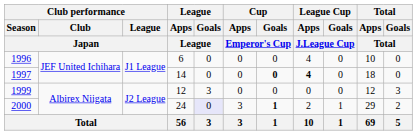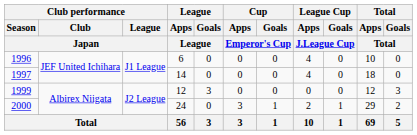 <table class="wikitable" style="text-align:center;">
 <tr>
 <th colspan=3>Club performance</th>
 <th colspan=2>League</th>
 <th colspan=2>Cup</th>
 <th colspan=2>League Cup</th>
 <th colspan=2>Total</th>
 </tr>
 <tr>
 <th>Season</th>
 <th>Club</th>
 <th>League</th>
 <th>Apps</th>
 <th>Goals</th>
 <th>Apps</th>
 <th>Goals</th>
 <th>Apps</th>
 <th>Goals</th>
 <th>Apps</th>
 <th>Goals</th>
 </tr>
 <tr>
 <th colspan=3>Japan</th>
 <th colspan=2>League</th>
 <th colspan=2><a href='#'>Emperor's Cup</a></th>
 <th colspan=2><a href='#'>J.League Cup</a></th>
 <th colspan=2>Total</th>
 </tr>
 <tr>
 <td><a href='#'>1996</a></td>
 <td rowspan="2"><a href='#'>JEF United Ichihara</a></td>
 <td rowspan="2"><a href='#'>J1 League</a></td>
 <td>6</td>
 <td>0</td>
 <td>0</td>
 <td>0</td>
 <td>4</td>
 <td>0</td>
 <td>10</td>
 <td>0</td>
 </tr>
 <tr>
 <td><a href='#'>1997</a></td>
 <td>14</td>
 <td>0</td>
 <td>0</td>
-<td><strong>0</strong></td>
-<td><strong>4</strong></td>
+<td>0</td>
+<td>4</td>
 <td>0</td>
 <td>18</td>
 <td>0</td>
 </tr>
 <tr>
 <td><a href='#'>1999</a></td>
 <td rowspan="2"><a href='#'>Albirex Niigata</a></td>
 <td rowspan="2"><a href='#'>J2 League</a></td>
 <td>12</td>
 <td>3</td>
 <td>0</td>
 <td>0</td>
 <td>0</td>
 <td>0</td>
 <td>12</td>
 <td>3</td>
 </tr>
 <tr>
 <td><a href='#'>2000</a></td>
 <td>24</td>
-<td style="background: lavender;">0</td>
+<td>0</td>
 <td>3</td>
-<td><strong>1</strong></td>
+<td>1</td>
 <td>2</td>
 <td>1</td>
 <td>29</td>
 <td>2</td>
 </tr>
 <tr>
 <th colspan=3>Total</th>
 <th>56</th>
 <th>3</th>
 <th>3</th>
 <th>1</th>
 <th>10</th>
 <th>1</th>
 <th>69</th>
 <th>5</th>
 </tr>
 </table>
